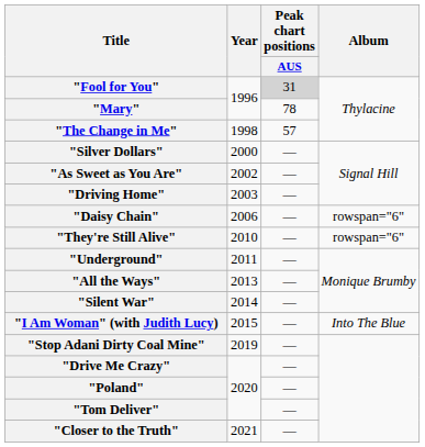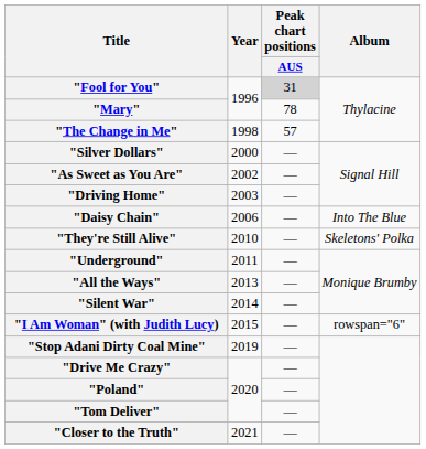 <table class="wikitable plainrowheaders" style="text-align:center;" border="1">
 <tr>
 <th scope="col" rowspan="2" style="width:16em;">Title</th>
 <th scope="col" rowspan="2">Year</th>
 <th scope="col" colspan="1">Peak chart positions</th>
 <th scope="col" rowspan="2">Album</th>
 </tr>
 <tr>
 <th scope="col" style="width:3em;font-size:90%;"><a href='#'>AUS</a><br></th>
 </tr>
 <tr>
 <th scope="row">"<a href='#'>Fool for You</a>"</th>
 <td rowspan="2">1996</td>
 <td style="background: lightgrey;">31</td>
 <td rowspan="3"><em>Thylacine</em></td>
 </tr>
 <tr>
 <th scope="row">"<a href='#'>Mary</a>"</th>
 <td>78</td>
 </tr>
 <tr>
 <th scope="row">"<a href='#'>The Change in Me</a>"</th>
 <td rowspan="1">1998</td>
 <td>57</td>
 </tr>
 <tr>
 <th scope="row">"Silver Dollars"</th>
 <td>2000</td>
 <td>—</td>
 <td rowspan="3"><em>Signal Hill</em></td>
 </tr>
 <tr>
 <th scope="row">"As Sweet as You Are"</th>
 <td>2002</td>
 <td>—</td>
 </tr>
 <tr>
 <th scope="row">"Driving Home"</th>
 <td>2003</td>
 <td>—</td>
 </tr>
 <tr>
 <th scope="row">"Daisy Chain"</th>
 <td>2006</td>
 <td>—</td>
-<td>rowspan="6" </td>
+<td><em>Into The Blue</em></td>
 </tr>
 <tr>
 <th scope="row">"They're Still Alive"</th>
 <td>2010</td>
 <td>—</td>
-<td>rowspan="6" </td>
+<td><em>Skeletons' Polka</em></td>
 </tr>
 <tr>
 <th scope="row">"Underground"</th>
 <td>2011</td>
 <td>—</td>
 <td rowspan="3"><em>Monique Brumby</em></td>
 </tr>
 <tr>
 <th scope="row">"All the Ways"</th>
 <td>2013</td>
 <td>—</td>
 </tr>
 <tr>
 <th scope="row">"Silent War"</th>
 <td>2014</td>
 <td>—</td>
 </tr>
 <tr>
 <th scope="row">"<a href='#'>I Am Woman</a>" (with <a href='#'>Judith Lucy</a>)</th>
 <td>2015</td>
 <td>—</td>
-<td><em>Into The Blue</em></td>
+<td>rowspan="6" </td>
 </tr>
 <tr>
 <th scope="row">"Stop Adani Dirty Coal Mine"</th>
 <td>2019</td>
 <td>—</td>
 </tr>
 <tr>
 <th scope="row">"Drive Me Crazy"</th>
 <td rowspan="3">2020</td>
 <td>—</td>
 </tr>
 <tr>
 <th scope="row">"Poland"</th>
 <td>—</td>
 </tr>
 <tr>
 <th scope="row">"Tom Deliver"</th>
 <td>—</td>
 </tr>
 <tr>
 <th scope="row">"Closer to the Truth"</th>
 <td>2021</td>
 <td>—</td>
 </tr>
 </table>
